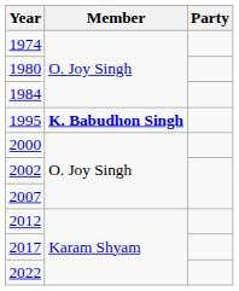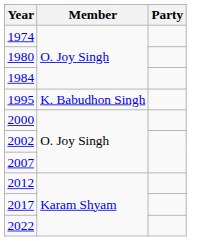 <table class="wikitable sortable">
 <tr>
 <th>Year</th>
 <th>Member</th>
 <th colspan="2">Party</th>
 </tr>
 <tr>
 <td><a href='#'>1974</a></td>
 <td rowspan=3><a href='#'>O. Joy Singh</a></td>
 <td></td>
 </tr>
 <tr>
 <td><a href='#'>1980</a></td>
 <td></td>
 </tr>
 <tr>
 <td><a href='#'>1984</a></td>
 <td></td>
 </tr>
 <tr>
 <td><a href='#'>1995</a></td>
-<td><strong><a href='#'>K. Babudhon Singh</a></strong></td>
+<td><a href='#'>K. Babudhon Singh</a></td>
 <td></td>
 </tr>
 <tr>
 <td><a href='#'>2000</a></td>
 <td rowspan=3>O. Joy Singh</td>
 <td></td>
 </tr>
 <tr>
 <td><a href='#'>2002</a></td>
 </tr>
 <tr>
 <td><a href='#'>2007</a></td>
 </tr>
 <tr>
 <td><a href='#'>2012</a></td>
 <td rowspan=3><a href='#'>Karam Shyam</a></td>
 <td></td>
 </tr>
 <tr>
 <td><a href='#'>2017</a></td>
 </tr>
 <tr>
 <td><a href='#'>2022</a></td>
 <td></td>
 </tr>
 </table>
